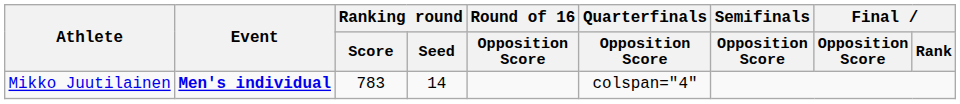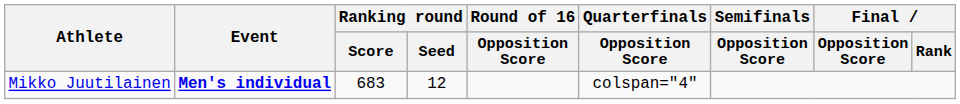 <table class="wikitable" style="text-align:center; font-size:90%">
 <tr>
 <th rowspan="2">Athlete</th>
 <th rowspan="2">Event</th>
 <th colspan="2">Ranking round</th>
 <th>Round of 16</th>
 <th>Quarterfinals</th>
 <th>Semifinals</th>
 <th colspan="2">Final / </th>
 </tr>
 <tr style="font-size:95%">
 <th>Score</th>
 <th>Seed</th>
 <th>Opposition<br>Score</th>
 <th>Opposition<br>Score</th>
 <th>Opposition<br>Score</th>
 <th>Opposition<br>Score</th>
 <th>Rank</th>
 </tr>
 <tr>
 <td align="left"><a href='#'>Mikko Juutilainen</a></td>
 <td align="left"><strong><a href='#'>Men's individual</a></strong></td>
-<td>783</td>
-<td>14</td>
+<td>683</td>
+<td>12</td>
 <td><br></td>
 <td>colspan="4" </td>
 </tr>
 </table>
